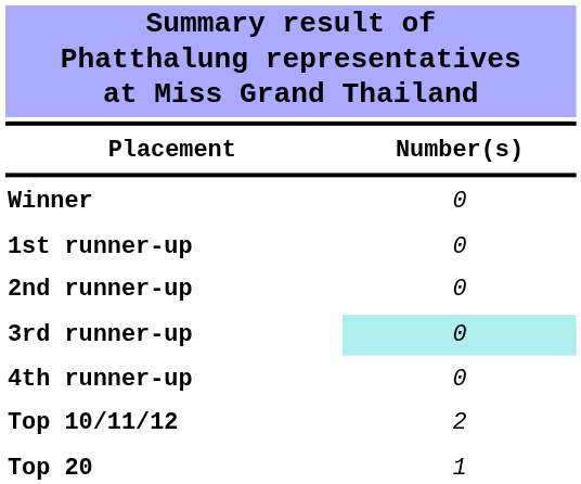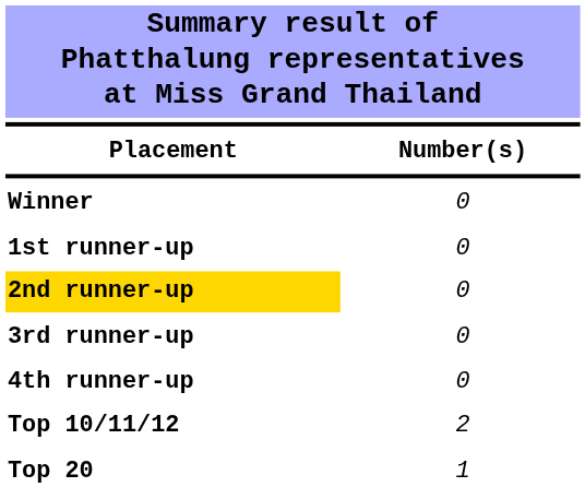 <table style="width: 270px; font-size:85%; line-height:1.5em;">
 <tr>
 <th colspan="2" align="center" style="background:#AAF;"><big>Summary result of<br>Phatthalung representatives<br>at Miss Grand Thailand</big></th>
 </tr>
 <tr>
 <td colspan="2" style="background:black"></td>
 </tr>
 <tr>
 <th scope="col">Placement</th>
 <th scope="col">Number(s)</th>
 </tr>
 <tr>
 <td colspan="2" style="background:black"></td>
 </tr>
 <tr>
 <td align="left"><strong>Winner</strong></td>
 <td align="center"><em>0</em></td>
 </tr>
 <tr>
 <td align="left"><strong>1st runner-up</strong></td>
 <td align="center"><em>0</em></td>
 </tr>
 <tr>
-<td align="left"><strong>2nd runner-up</strong></td>
+<td align="left" style="background: gold;"><strong>2nd runner-up</strong></td>
 <td align="center"><em>0</em></td>
 </tr>
 <tr>
 <td align="left"><strong>3rd runner-up</strong></td>
-<td align="center" style="background: paleturquoise;"><em>0</em></td>
+<td align="center"><em>0</em></td>
 </tr>
 <tr>
 <td align="left"><strong>4th runner-up</strong></td>
 <td align="center"><em>0</em></td>
 </tr>
 <tr>
 <td align="left"><strong>Top 10/11/12</strong></td>
 <td align="center"><em>2</em></td>
 </tr>
 <tr>
 <td align="left"><strong>Top 20</strong></td>
 <td align="center"><em>1</em></td>
 </tr>
 </table>
